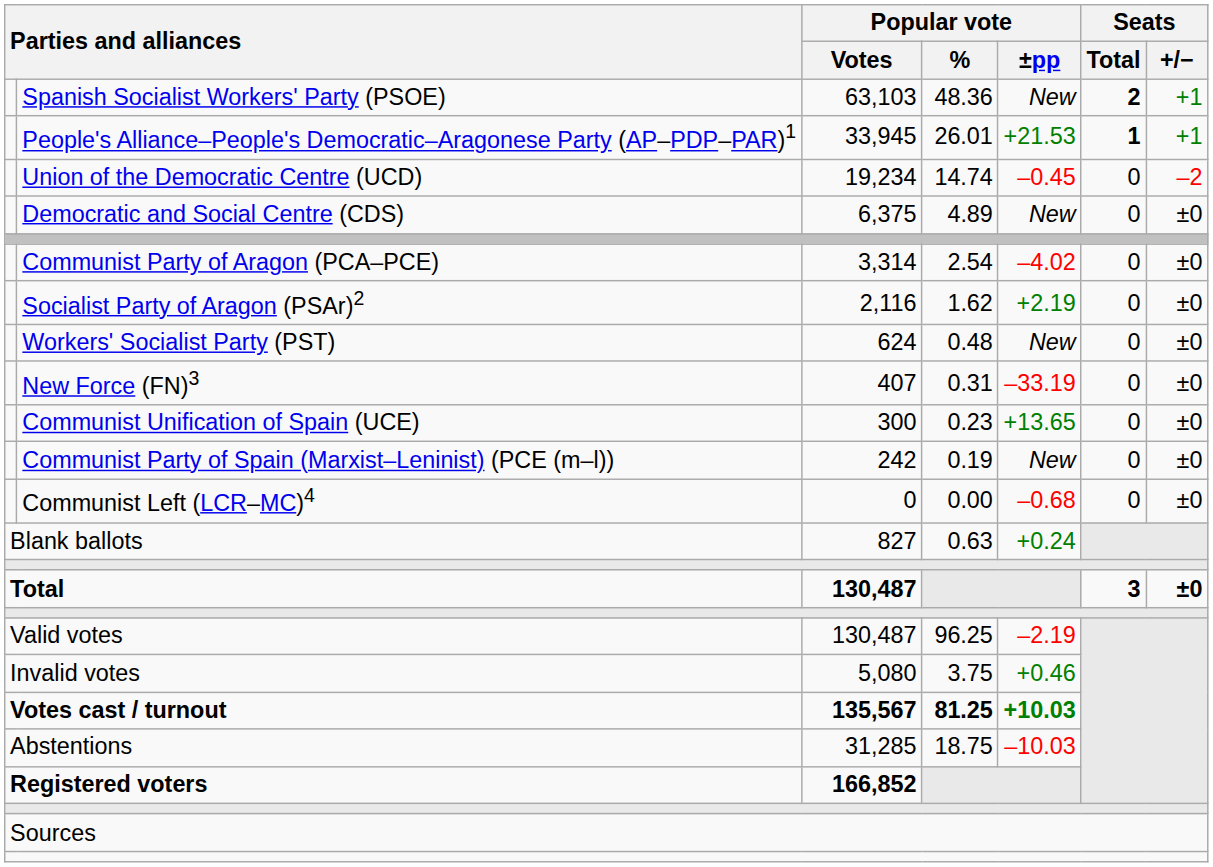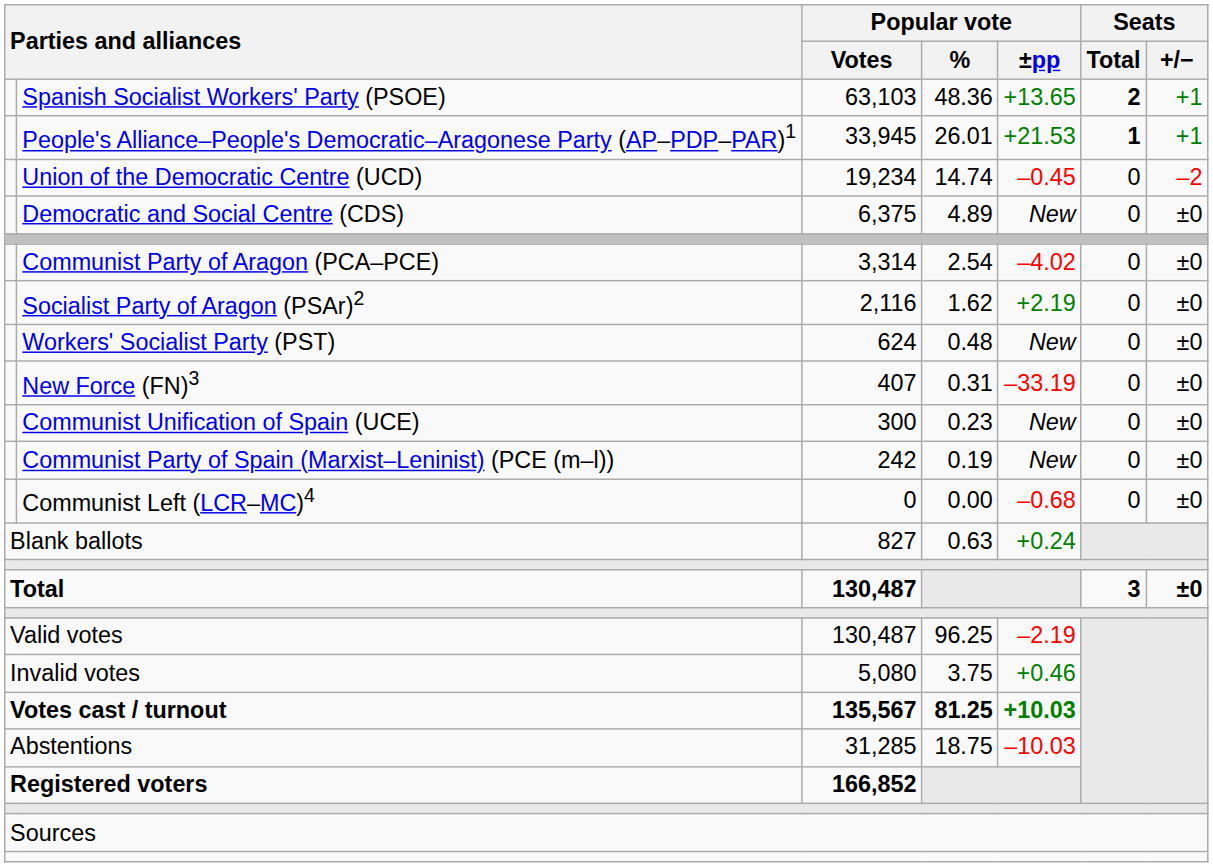 <table class="wikitable" style="text-align:right;">
 <tr>
 <th style="text-align:left;" rowspan="2" colspan="2" width="525">Parties and alliances</th>
 <th colspan="3">Popular vote</th>
 <th colspan="2">Seats</th>
 </tr>
 <tr>
 <th width="75">Votes</th>
 <th width="45">%</th>
 <th width="45">±<a href='#'>pp</a></th>
 <th width="35">Total</th>
 <th width="35">+/−</th>
 </tr>
 <tr>
 <td width="1" style="color:inherit;background:"></td>
 <td align="left"><a href='#'>Spanish Socialist Workers' Party</a> (PSOE)</td>
 <td>63,103</td>
 <td>48.36</td>
-<td><em>New</em></td>
+<td style="color:green;">+13.65</td>
 <td><strong>2</strong></td>
 <td style="color:green;">+1</td>
 </tr>
 <tr>
 <td style="color:inherit;background:"></td>
 <td align="left"><a href='#'>People's Alliance–People's Democratic–Aragonese Party</a> (<a href='#'>AP</a>–<a href='#'>PDP</a>–<a href='#'>PAR</a>)<sup>1</sup></td>
 <td>33,945</td>
 <td>26.01</td>
 <td style="color:green;">+21.53</td>
 <td><strong>1</strong></td>
 <td style="color:green;">+1</td>
 </tr>
 <tr>
 <td style="color:inherit;background:"></td>
 <td align="left"><a href='#'>Union of the Democratic Centre</a> (UCD)</td>
 <td>19,234</td>
 <td>14.74</td>
 <td style="color:red;">–0.45</td>
 <td>0</td>
 <td style="color:red;">–2</td>
 </tr>
 <tr>
 <td style="color:inherit;background:"></td>
 <td align="left"><a href='#'>Democratic and Social Centre</a> (CDS)</td>
 <td>6,375</td>
 <td>4.89</td>
 <td><em>New</em></td>
 <td>0</td>
 <td>±0</td>
 </tr>
 <tr>
 <td colspan="7" bgcolor="#C0C0C0"></td>
 </tr>
 <tr>
 <td style="color:inherit;background:"></td>
 <td align="left"><a href='#'>Communist Party of Aragon</a> (PCA–PCE)</td>
 <td>3,314</td>
 <td>2.54</td>
 <td style="color:red;">–4.02</td>
 <td>0</td>
 <td>±0</td>
 </tr>
 <tr>
 <td style="color:inherit;background:"></td>
 <td align="left"><a href='#'>Socialist Party of Aragon</a> (PSAr)<sup>2</sup></td>
 <td>2,116</td>
 <td>1.62</td>
 <td style="color:green;">+2.19</td>
 <td>0</td>
 <td>±0</td>
 </tr>
 <tr>
 <td style="color:inherit;background:"></td>
 <td align="left"><a href='#'>Workers' Socialist Party</a> (PST)</td>
 <td>624</td>
 <td>0.48</td>
 <td><em>New</em></td>
 <td>0</td>
 <td>±0</td>
 </tr>
 <tr>
 <td style="color:inherit;background:"></td>
 <td align="left"><a href='#'>New Force</a> (FN)<sup>3</sup></td>
 <td>407</td>
 <td>0.31</td>
 <td style="color:red;">–33.19</td>
 <td>0</td>
 <td>±0</td>
 </tr>
 <tr>
 <td style="color:inherit;background:"></td>
 <td align="left"><a href='#'>Communist Unification of Spain</a> (UCE)</td>
 <td>300</td>
 <td>0.23</td>
-<td style="color:green;">+13.65</td>
+<td><em>New</em></td>
 <td>0</td>
 <td>±0</td>
 </tr>
 <tr>
 <td style="color:inherit;background:"></td>
 <td align="left"><a href='#'>Communist Party of Spain (Marxist–Leninist)</a> (PCE (m–l))</td>
 <td>242</td>
 <td>0.19</td>
 <td><em>New</em></td>
 <td>0</td>
 <td>±0</td>
 </tr>
 <tr>
 <td style="color:inherit;background:"></td>
 <td align="left">Communist Left (<a href='#'>LCR</a>–<a href='#'>MC</a>)<sup>4</sup></td>
 <td>0</td>
 <td>0.00</td>
 <td style="color:red;">–0.68</td>
 <td>0</td>
 <td>±0</td>
 </tr>
 <tr>
 <td align="left" colspan="2">Blank ballots</td>
 <td>827</td>
 <td>0.63</td>
 <td style="color:green;">+0.24</td>
 <td bgcolor="#E9E9E9" colspan="2"></td>
 </tr>
 <tr>
 <td colspan="7" bgcolor="#E9E9E9"></td>
 </tr>
 <tr style="font-weight:bold;">
 <td align="left" colspan="2">Total</td>
 <td>130,487</td>
 <td bgcolor="#E9E9E9" colspan="2"></td>
 <td>3</td>
 <td>±0</td>
 </tr>
 <tr>
 <td colspan="7" bgcolor="#E9E9E9"></td>
 </tr>
 <tr>
 <td align="left" colspan="2">Valid votes</td>
 <td>130,487</td>
 <td>96.25</td>
 <td style="color:red;">–2.19</td>
 <td bgcolor="#E9E9E9" colspan="2" rowspan="5"></td>
 </tr>
 <tr>
 <td align="left" colspan="2">Invalid votes</td>
 <td>5,080</td>
 <td>3.75</td>
 <td style="color:green;">+0.46</td>
 </tr>
 <tr style="font-weight:bold;">
 <td align="left" colspan="2">Votes cast / turnout</td>
 <td>135,567</td>
 <td>81.25</td>
 <td style="color:green;">+10.03</td>
 </tr>
 <tr>
 <td align="left" colspan="2">Abstentions</td>
 <td>31,285</td>
 <td>18.75</td>
 <td style="color:red;">–10.03</td>
 </tr>
 <tr style="font-weight:bold;">
 <td align="left" colspan="2">Registered voters</td>
 <td>166,852</td>
 <td bgcolor="#E9E9E9" colspan="2"></td>
 </tr>
 <tr>
 <td colspan="7" bgcolor="#E9E9E9"></td>
 </tr>
 <tr>
 <td align="left" colspan="7">Sources</td>
 </tr>
 <tr>
 <td colspan="7" style="text-align:left; max-width:790px;"></td>
 </tr>
 </table>
